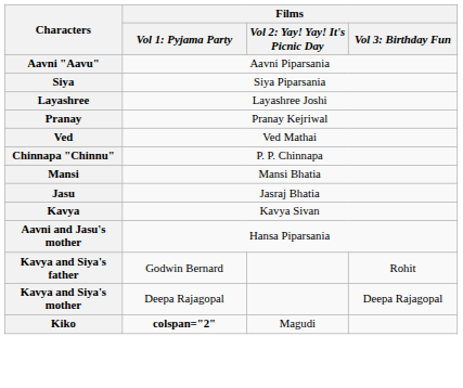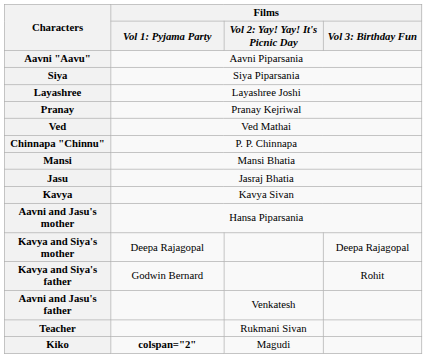 <table class="wikitable sortable" style="text-align: center; width: 100%">
 <tr>
 <th rowspan="2" style="width:10%;">Characters</th>
 <th colspan="3">Films</th>
 </tr>
 <tr>
 <th style="width:10%;"><em>Vol 1: Pyjama Party</em></th>
 <th style="width:10%;"><em>Vol 2: Yay! Yay! It's Picnic Day</em></th>
 <th style="width:10%;"><em>Vol 3: Birthday Fun</em></th>
 </tr>
 <tr>
 <th>Aavni "Aavu"</th>
 <td colspan="3">Aavni Piparsania</td>
 </tr>
 <tr>
 <th>Siya</th>
 <td colspan="3">Siya Piparsania</td>
 </tr>
 <tr>
 <th>Layashree</th>
 <td colspan="3">Layashree Joshi</td>
 </tr>
 <tr>
 <th>Pranay</th>
 <td colspan="3">Pranay Kejriwal</td>
 </tr>
 <tr>
 <th>Ved</th>
 <td colspan="3">Ved Mathai</td>
 </tr>
 <tr>
 <th>Chinnapa "Chinnu"</th>
 <td colspan="3">P. P. Chinnapa</td>
 </tr>
 <tr>
 <th>Mansi</th>
 <td colspan="3">Mansi Bhatia</td>
 </tr>
 <tr>
 <th>Jasu</th>
 <td colspan="3">Jasraj Bhatia</td>
 </tr>
 <tr>
 <th>Kavya</th>
 <td colspan="3">Kavya Sivan</td>
 </tr>
 <tr>
 <th>Aavni and Jasu's mother</th>
 <td colspan="3">Hansa Piparsania</td>
 </tr>
 <tr>
+<th>Kavya and Siya's mother</th>
+<td>Deepa Rajagopal</td>
+<td></td>
+<td>Deepa Rajagopal</td>
+</tr>
+<tr>
 <th>Kavya and Siya's father</th>
 <td>Godwin Bernard</td>
 <td></td>
 <td>Rohit</td>
 </tr>
 <tr>
-<th>Kavya and Siya's mother</th>
-<td>Deepa Rajagopal</td>
+<th>Aavni and Jasu's father</th>
 <td></td>
-<td>Deepa Rajagopal</td>
+<td>Venkatesh</td>
+<td></td>
+</tr>
+<tr>
+<th>Teacher</th>
+<td></td>
+<td>Rukmani Sivan</td>
+<td></td>
 </tr>
 <tr>
 <th>Kiko</th>
 <td><strong>colspan="2" </strong></td>
 <td>Magudi</td>
 </tr>
 </table>
